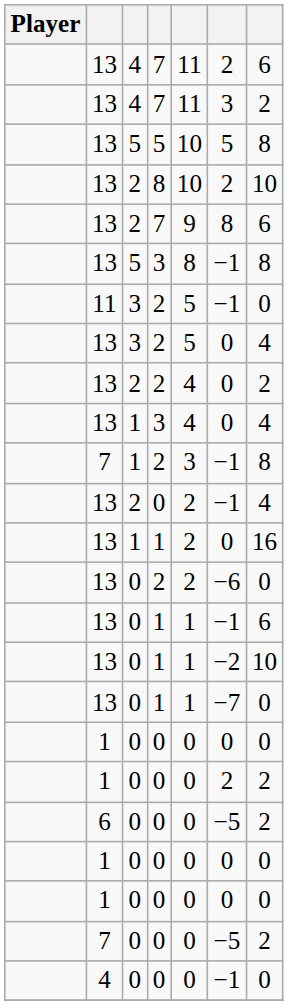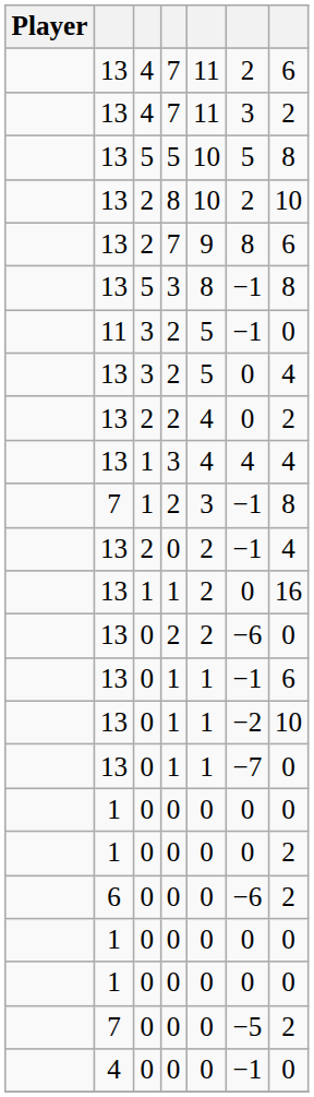 <table class="wikitable sortable" style="text-align:center;">
 <tr>
 <th>Player</th>
 <th></th>
 <th></th>
 <th></th>
 <th></th>
 <th data-sort-type="number"></th>
 <th></th>
 </tr>
 <tr>
 <td></td>
 <td>13</td>
 <td>4</td>
 <td>7</td>
 <td>11</td>
 <td>2</td>
 <td>6</td>
 </tr>
 <tr>
 <td></td>
 <td>13</td>
 <td>4</td>
 <td>7</td>
 <td>11</td>
 <td>3</td>
 <td>2</td>
 </tr>
 <tr>
 <td></td>
 <td>13</td>
 <td>5</td>
 <td>5</td>
 <td>10</td>
 <td>5</td>
 <td>8</td>
 </tr>
 <tr>
 <td></td>
 <td>13</td>
 <td>2</td>
 <td>8</td>
 <td>10</td>
 <td>2</td>
 <td>10</td>
 </tr>
 <tr>
 <td></td>
 <td>13</td>
 <td>2</td>
 <td>7</td>
 <td>9</td>
 <td>8</td>
 <td>6</td>
 </tr>
 <tr>
 <td></td>
 <td>13</td>
 <td>5</td>
 <td>3</td>
 <td>8</td>
 <td>−1</td>
 <td>8</td>
 </tr>
 <tr>
 <td></td>
 <td>11</td>
 <td>3</td>
 <td>2</td>
 <td>5</td>
 <td>−1</td>
 <td>0</td>
 </tr>
 <tr>
 <td></td>
 <td>13</td>
 <td>3</td>
 <td>2</td>
 <td>5</td>
 <td>0</td>
 <td>4</td>
 </tr>
 <tr>
 <td></td>
 <td>13</td>
 <td>2</td>
 <td>2</td>
 <td>4</td>
 <td>0</td>
 <td>2</td>
 </tr>
 <tr>
 <td></td>
 <td>13</td>
 <td>1</td>
 <td>3</td>
 <td>4</td>
-<td>0</td>
+<td>4</td>
 <td>4</td>
 </tr>
 <tr>
 <td></td>
 <td>7</td>
 <td>1</td>
 <td>2</td>
 <td>3</td>
 <td>−1</td>
 <td>8</td>
 </tr>
 <tr>
 <td></td>
 <td>13</td>
 <td>2</td>
 <td>0</td>
 <td>2</td>
 <td>−1</td>
 <td>4</td>
 </tr>
 <tr>
 <td></td>
 <td>13</td>
 <td>1</td>
 <td>1</td>
 <td>2</td>
 <td>0</td>
 <td>16</td>
 </tr>
 <tr>
 <td></td>
 <td>13</td>
 <td>0</td>
 <td>2</td>
 <td>2</td>
 <td>−6</td>
 <td>0</td>
 </tr>
 <tr>
 <td></td>
 <td>13</td>
 <td>0</td>
 <td>1</td>
 <td>1</td>
 <td>−1</td>
 <td>6</td>
 </tr>
 <tr>
 <td></td>
 <td>13</td>
 <td>0</td>
 <td>1</td>
 <td>1</td>
 <td>−2</td>
 <td>10</td>
 </tr>
 <tr>
 <td></td>
 <td>13</td>
 <td>0</td>
 <td>1</td>
 <td>1</td>
 <td>−7</td>
 <td>0</td>
 </tr>
 <tr>
 <td></td>
 <td>1</td>
 <td>0</td>
 <td>0</td>
 <td>0</td>
 <td>0</td>
 <td>0</td>
 </tr>
 <tr>
 <td></td>
 <td>1</td>
 <td>0</td>
 <td>0</td>
 <td>0</td>
-<td>2</td>
+<td>0</td>
 <td>2</td>
 </tr>
 <tr>
 <td></td>
 <td>6</td>
 <td>0</td>
 <td>0</td>
 <td>0</td>
-<td>−5</td>
+<td>−6</td>
 <td>2</td>
 </tr>
 <tr>
 <td></td>
 <td>1</td>
 <td>0</td>
 <td>0</td>
 <td>0</td>
 <td>0</td>
 <td>0</td>
 </tr>
 <tr>
 <td></td>
 <td>1</td>
 <td>0</td>
 <td>0</td>
 <td>0</td>
 <td>0</td>
 <td>0</td>
 </tr>
 <tr>
 <td></td>
 <td>7</td>
 <td>0</td>
 <td>0</td>
 <td>0</td>
 <td>−5</td>
 <td>2</td>
 </tr>
 <tr>
 <td></td>
 <td>4</td>
 <td>0</td>
 <td>0</td>
 <td>0</td>
 <td>−1</td>
 <td>0</td>
 </tr>
 <tr>
 </tr>
 </table>
